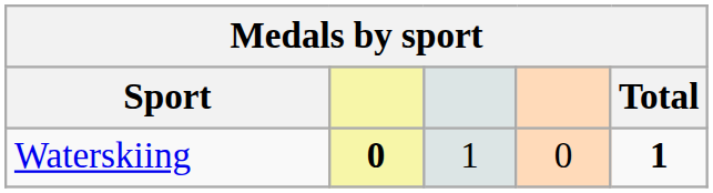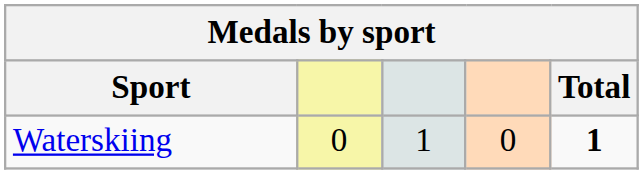 <table class="wikitable" style="font-size:90%; text-align:center;">
 <tr>
 <th colspan="5">Medals by sport</th>
 </tr>
 <tr>
 <th width="120">Sport</th>
 <th scope="col" width="30" style="background:#F7F6A8;"></th>
 <th scope="col" width="30" style="background:#DCE5E5;"></th>
 <th scope="col" width="30" style="background:#FFDAB9;"></th>
 <th width="30">Total</th>
 </tr>
 <tr>
 <td align="left"><a href='#'>Waterskiing</a></td>
-<td style="background:#F7F6A8;"><strong>0</strong></td>
+<td style="background:#F7F6A8;">0</td>
 <td style="background:#DCE5E5;">1</td>
 <td style="background:#FFDAB9;">0</td>
 <td><strong>1</strong></td>
 </tr>
 </table>
